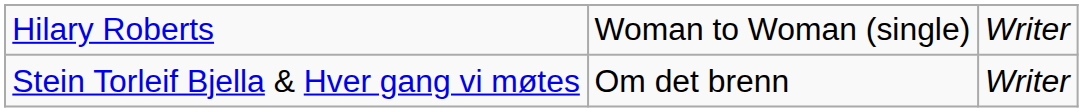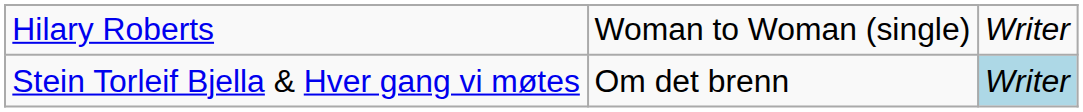 <table class="wikitable">
 <tr>
 <td><a href='#'>Hilary Roberts</a></td>
 <td>Woman to Woman (single)</td>
 <td><em>Writer</em></td>
 </tr>
 <tr>
 <td><a href='#'>Stein Torleif Bjella</a> & <a href='#'>Hver gang vi møtes</a></td>
 <td>Om det brenn</td>
-<td><em>Writer</td>
+<td style="background: lightblue;"><em>Writer</td>
 </tr>
 </table>
